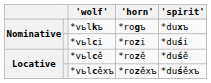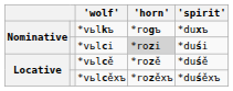 <table class="wikitable">
 <tr>
 <th colspan="2"></th>
 <th>'wolf'</th>
 <th>'horn'</th>
 <th>'spirit'</th>
 </tr>
 <tr>
 <th rowspan="2">Nominative</th>
 <th></th>
 <td>*vьl<strong>k</strong>ъ</td>
 <td>*ro<strong>g</strong>ъ</td>
 <td>*du<strong>x</strong>ъ</td>
 </tr>
 <tr>
 <th></th>
 <td>*vьl<strong>c</strong>i</td>
-<td>*ro<strong>z</strong>i</td>
+<td style="background: lightgrey;">*ro<strong>z</strong>i</td>
 <td>*du<strong>ś</strong>i</td>
 </tr>
 <tr>
 <th rowspan="2">Locative</th>
 <th></th>
 <td>*vьl<strong>c</strong>ě</td>
 <td>*ro<strong>z</strong>ě</td>
 <td>*du<strong>ś</strong>ě</td>
 </tr>
 <tr>
 <th></th>
 <td>*vьl<strong>c</strong>ěxъ</td>
 <td>*ro<strong>z</strong>ěxъ</td>
 <td>*du<strong>ś</strong>ěxъ</td>
 </tr>
 </table>
